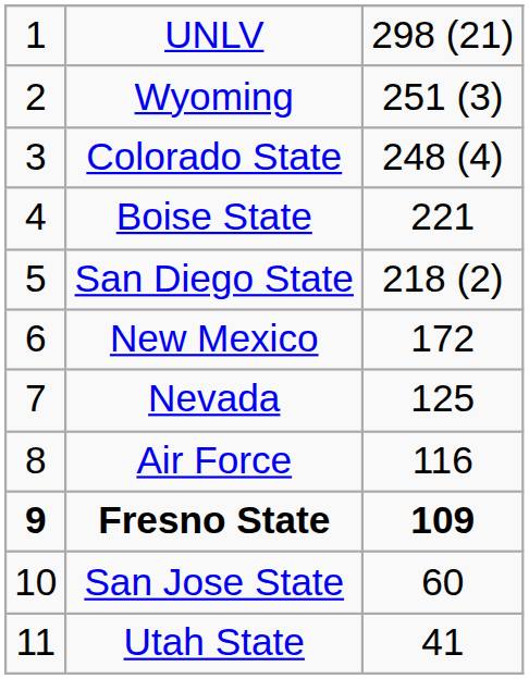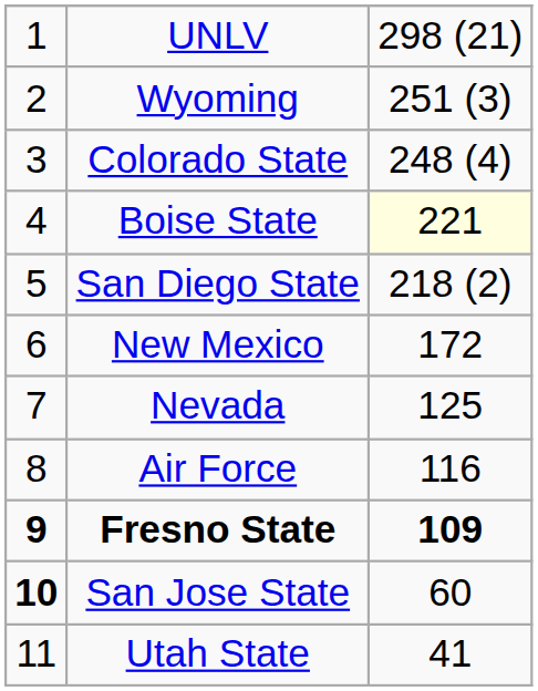 <table class="wikitable">
 <tr align=center>
 </tr>
 <tr align="center">
 <td>1</td>
 <td><a href='#'>UNLV</a></td>
 <td>298 (21)</td>
 </tr>
 <tr align="center">
 <td>2</td>
 <td><a href='#'>Wyoming</a></td>
 <td>251 (3)</td>
 </tr>
 <tr align="center">
 <td>3</td>
 <td><a href='#'>Colorado State</a></td>
 <td>248 (4)</td>
 </tr>
 <tr align="center">
 <td>4</td>
 <td><a href='#'>Boise State</a></td>
-<td>221</td>
+<td style="background: lightyellow;">221</td>
 </tr>
 <tr align="center">
 <td>5</td>
 <td><a href='#'>San Diego State</a></td>
 <td>218 (2)</td>
 </tr>
 <tr align="center">
 <td>6</td>
 <td><a href='#'>New Mexico</a></td>
 <td>172</td>
 </tr>
 <tr align="center">
 <td>7</td>
 <td><a href='#'>Nevada</a></td>
 <td>125</td>
 </tr>
 <tr align="center">
 <td>8</td>
 <td><a href='#'>Air Force</a></td>
 <td>116</td>
 </tr>
 <tr align="center">
 <td><strong>9</strong></td>
 <td><strong>Fresno State</strong></td>
 <td><strong>109</strong></td>
 </tr>
 <tr align="center">
-<td>10</td>
+<td><strong>10</strong></td>
 <td><a href='#'>San Jose State</a></td>
 <td>60</td>
 </tr>
 <tr align="center">
 <td>11</td>
 <td><a href='#'>Utah State</a></td>
 <td>41</td>
 </tr>
 </table>
